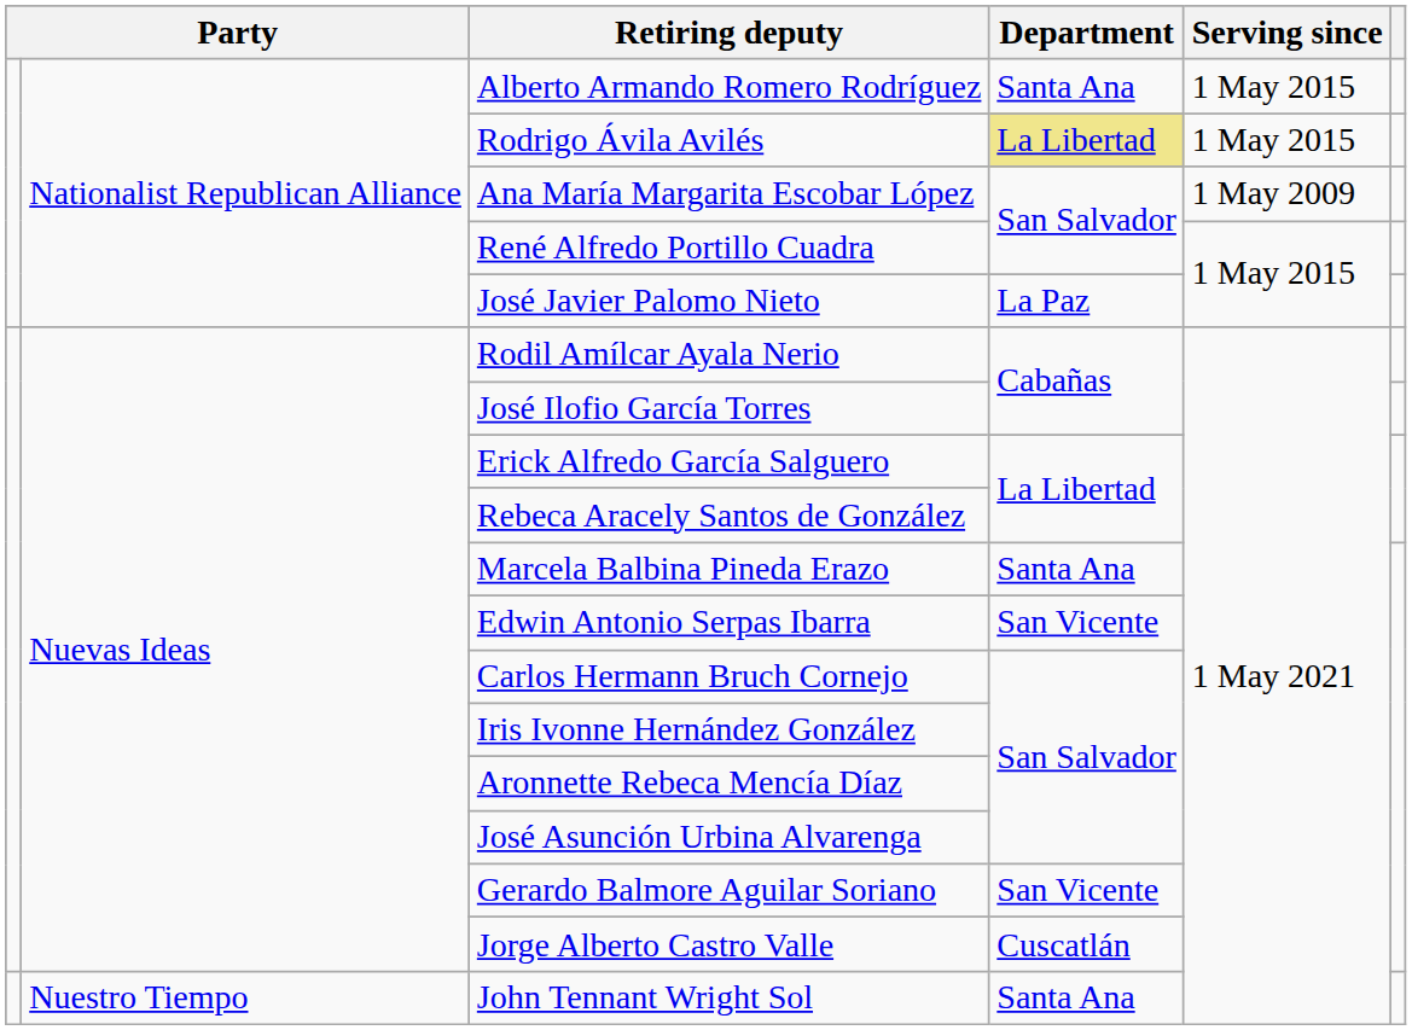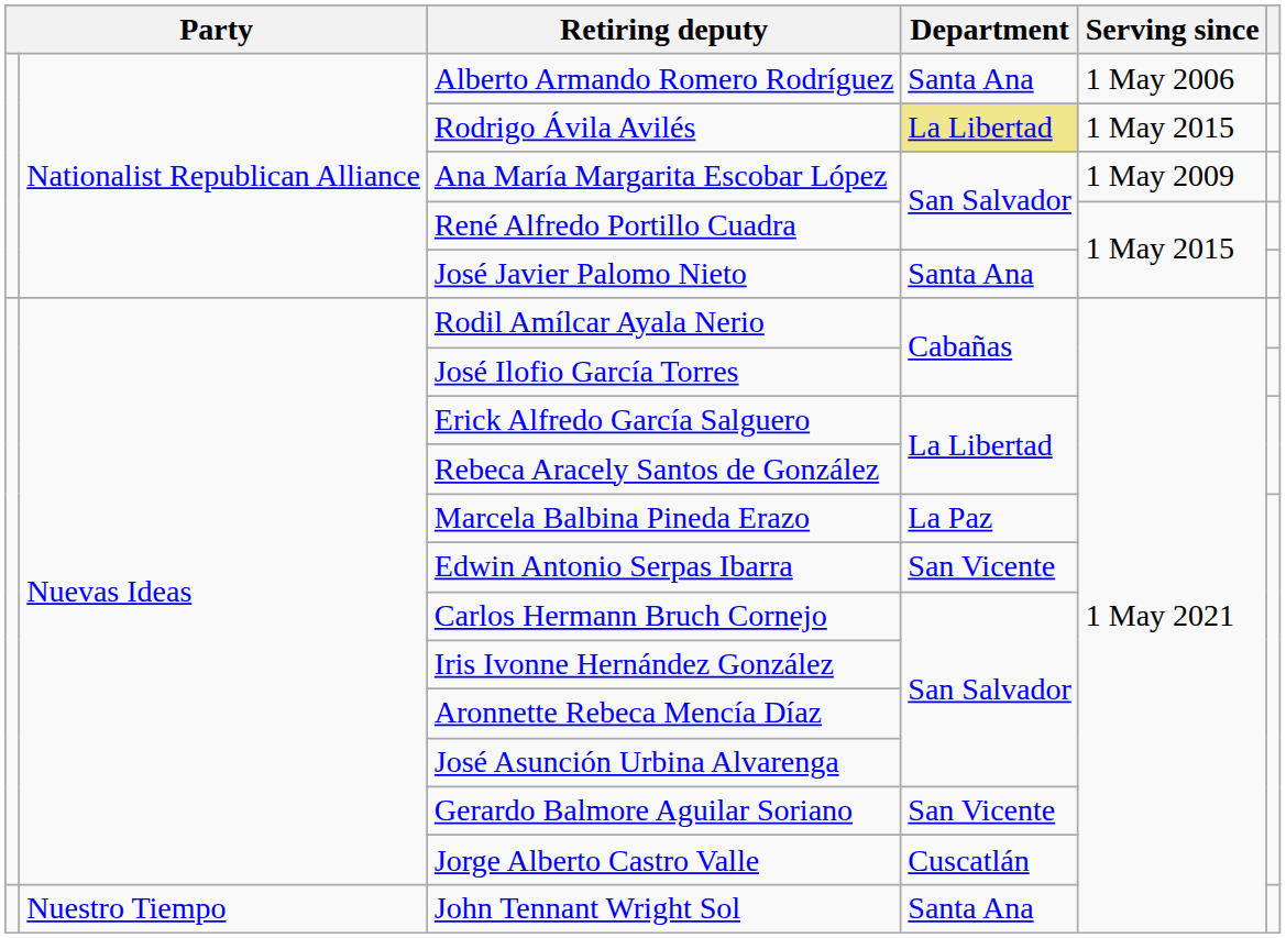 <table class="wikitable sortable">
 <tr>
 <th colspan="2">Party</th>
 <th>Retiring deputy</th>
 <th>Department</th>
 <th>Serving since</th>
 <th class="unsortable"></th>
 </tr>
 <tr>
 <td rowspan="5" style="background-color:"></td>
 <td rowspan="5"><a href='#'>Nationalist Republican Alliance</a></td>
 <td data-sort-value="Romero Rodriguez, Alberto Armando"><a href='#'>Alberto Armando Romero Rodríguez</a></td>
 <td data-sort-value="Santa Ana"><a href='#'>Santa Ana</a></td>
-<td data-sort-value="2015-05-01">1 May 2015</td>
+<td data-sort-value="2006-05-01">1 May 2006</td>
 <td align="center"></td>
 </tr>
 <tr>
 <td data-sort-value="Avila Aviles, Rodrigo"><a href='#'>Rodrigo Ávila Avilés</a></td>
 <td data-sort-value="La Libertad" style="background: khaki;"><a href='#'>La Libertad</a></td>
 <td data-sort-value="2015-05-01">1 May 2015</td>
 <td align="center"></td>
 </tr>
 <tr>
 <td data-sort-value="Escobar Lopez, Ana Maria Margarita"><a href='#'>Ana María Margarita Escobar López</a></td>
 <td rowspan="2" data-sort-value="San Salvador"><a href='#'>San Salvador</a></td>
 <td data-sort-value="2009-05-01">1 May 2009</td>
 <td align="center"></td>
 </tr>
 <tr>
 <td data-sort-value="Portillo Cuadra, Rene Alfredo"><a href='#'>René Alfredo Portillo Cuadra</a></td>
 <td rowspan="2" data-sort-value="2015-05-01">1 May 2015</td>
 <td align="center"></td>
 </tr>
 <tr>
 <td data-sort-value="Palomo Nieto, Jose Javier"><a href='#'>José Javier Palomo Nieto</a></td>
-<td data-sort-value="La Paz"><a href='#'>La Paz</a></td>
+<td data-sort-value="Santa Ana"><a href='#'>Santa Ana</a></td>
 <td align="center"></td>
 </tr>
 <tr>
 <td rowspan="12" style="background-color:"></td>
 <td rowspan="12"><a href='#'>Nuevas Ideas</a></td>
 <td data-sort-value="Ayala Nerio, Rodil Amilcar"><a href='#'>Rodil Amílcar Ayala Nerio</a></td>
 <td data-sort-value="Cabanas" rowspan="2"><a href='#'>Cabañas</a></td>
 <td rowspan="13" data-sort-value="2021-05-01">1 May 2021</td>
 <td align="center"></td>
 </tr>
 <tr>
 <td data-sort-value="Garcia Torres, Jose Ilofio"><a href='#'>José Ilofio García Torres</a></td>
 <td align="center"></td>
 </tr>
 <tr>
 <td data-sort-value="Garcia Salguero, Erick Alfredo"><a href='#'>Erick Alfredo García Salguero</a></td>
 <td data-sort-value="La Libertad" rowspan="2"><a href='#'>La Libertad</a></td>
 <td align="center" rowspan="2"></td>
 </tr>
 <tr>
 <td data-sort-value="Santos de Gonzalez, Rebeca Aracely"><a href='#'>Rebeca Aracely Santos de González</a></td>
 </tr>
 <tr>
 <td data-sort-value="Pineda Erazo, Marcela Balbina"><a href='#'>Marcela Balbina Pineda Erazo</a></td>
-<td data-sort-value="Santa Ana"><a href='#'>Santa Ana</a></td>
+<td data-sort-value="La Paz"><a href='#'>La Paz</a></td>
 <td align="center" rowspan="8"></td>
 </tr>
 <tr>
 <td data-sort-value="Serpas Ibarra, Edwin Antonio"><a href='#'>Edwin Antonio Serpas Ibarra</a></td>
 <td data-sort-value="San Vicente"><a href='#'>San Vicente</a></td>
 </tr>
 <tr>
 <td data-sort-value="Bruch Cornejo, Carlos Hermann"><a href='#'>Carlos Hermann Bruch Cornejo</a></td>
 <td rowspan="4" data-sort-value="San Salvador"><a href='#'>San Salvador</a></td>
 </tr>
 <tr>
 <td data-sort-value="Hernandez Gonzalez, Iris Ivonne"><a href='#'>Iris Ivonne Hernández González</a></td>
 </tr>
 <tr>
 <td data-sort-value="Mencia Diaz, Aronnette Rebeca"><a href='#'>Aronnette Rebeca Mencía Díaz</a></td>
 </tr>
 <tr>
 <td data-sort-value="Urbina Alvarenga, José Asunción"><a href='#'>José Asunción Urbina Alvarenga</a></td>
 </tr>
 <tr>
 <td data-sort-value="Aguilar Soriano, Gerardo Balmore"><a href='#'>Gerardo Balmore Aguilar Soriano</a></td>
 <td data-sort-value="San Vicente"><a href='#'>San Vicente</a></td>
 </tr>
 <tr>
 <td data-sort-value="Castro Valle, Jorge Alberto"><a href='#'>Jorge Alberto Castro Valle</a></td>
 <td data-sort-value="Cuscatlan"><a href='#'>Cuscatlán</a></td>
 </tr>
 <tr>
 <td style="background-color:"></td>
 <td><a href='#'>Nuestro Tiempo</a></td>
 <td data-sort-value="Wright Sol, John Tennant"><a href='#'>John Tennant Wright Sol</a></td>
 <td data-sort-value="Santa Ana"><a href='#'>Santa Ana</a></td>
 <td align="center"></td>
 </tr>
 </table>
